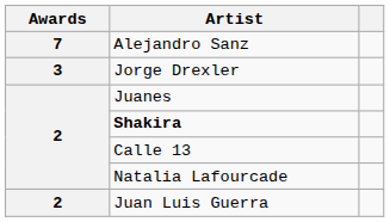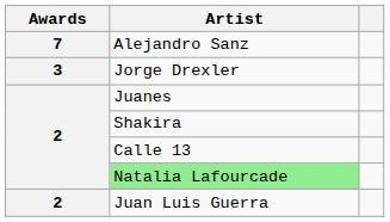 <table class="wikitable plainrowheaders">
 <tr>
 <th scope="col" style="width:6em;">Awards</th>
 <th scope="col" style="width:15em;">Artist</th>
 <th scope="col" style="width:1em;"></th>
 </tr>
 <tr>
 <th scope="row" style="text-align:center">7</th>
 <td>Alejandro Sanz</td>
 <td></td>
 </tr>
 <tr>
 <th scope="row" style="text-align:center" rowspan="1">3</th>
 <td>Jorge Drexler</td>
 <td></td>
 </tr>
 <tr>
 <th scope="row" style="text-align:center" rowspan="4">2</th>
 <td>Juanes</td>
 <td></td>
 </tr>
 <tr>
-<td><strong>Shakira</strong></td>
+<td>Shakira</td>
 <td></td>
 </tr>
 <tr>
 <td>Calle 13</td>
 <td></td>
 </tr>
 <tr>
-<td>Natalia Lafourcade</td>
+<td style="background: lightgreen;">Natalia Lafourcade</td>
 <td></td>
 </tr>
 <tr>
 <th scope="row" style="text-align:center">2</th>
 <td>Juan Luis Guerra</td>
 </tr>
 </table>
